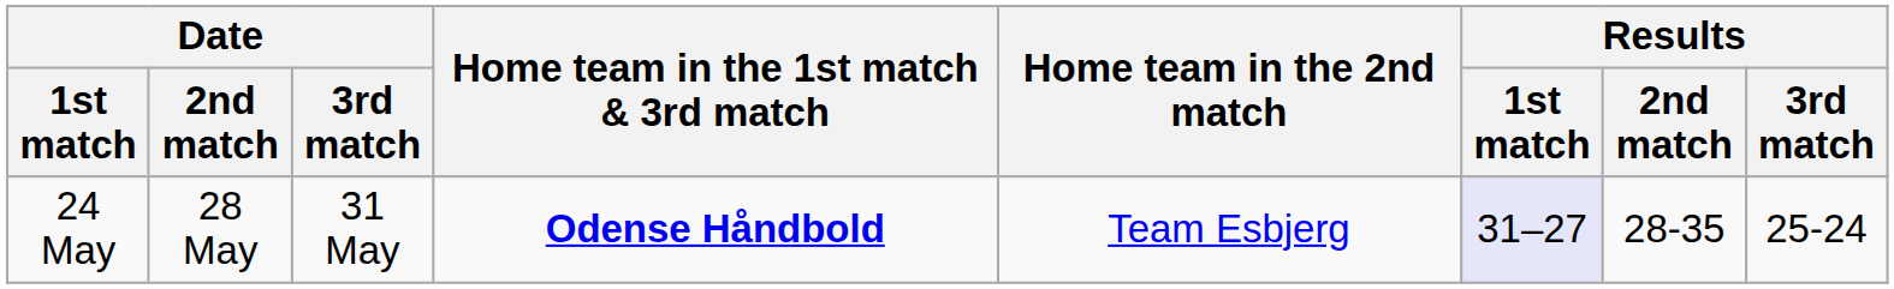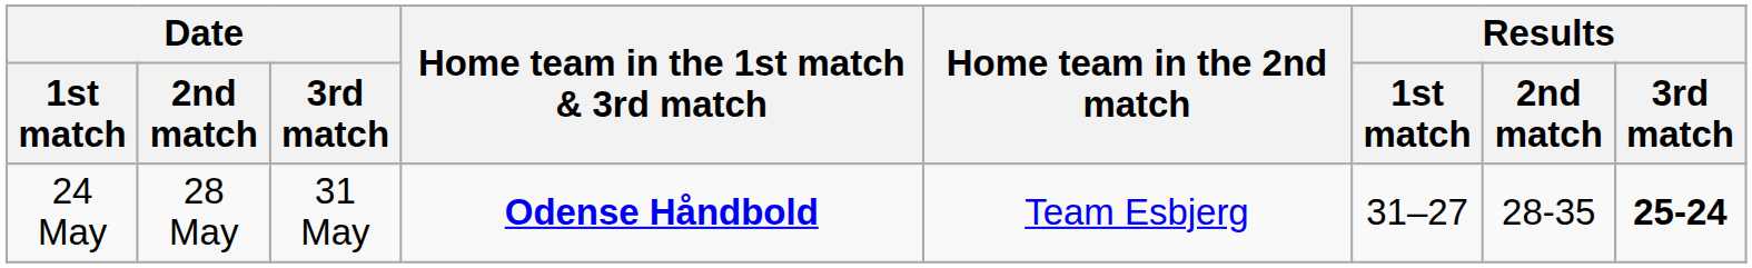 <table class="wikitable" style="text-align:center; margin-left:1em;">
 <tr>
 <th colspan="3">Date</th>
 <th rowspan="2" style="width:220px;">Home team in the 1st match & 3rd match</th>
 <th rowspan="2" style="width:180px;">Home team in the 2nd match</th>
 <th colspan="3">Results</th>
 </tr>
 <tr>
 <th style="width:50px;">1st match</th>
 <th style="width:50px;">2nd match</th>
 <th style="width:50px;">3rd match</th>
 <th style="width:50px;">1st match</th>
 <th style="width:50px;">2nd match</th>
 <th style="width:50px;">3rd match</th>
 </tr>
 <tr>
 <td>24 May</td>
 <td>28 May</td>
 <td>31 May</td>
 <td><strong><a href='#'>Odense Håndbold</a></strong></td>
 <td><a href='#'>Team Esbjerg</a></td>
-<td style="background: lavender;">31–27</td>
+<td>31–27</td>
 <td>28-35</td>
-<td>25-24</td>
+<td><strong>25-24</strong></td>
 </tr>
 </table>
